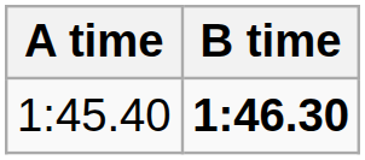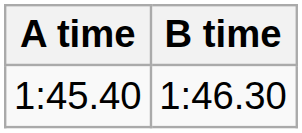 <table class="wikitable" border="1" align="upright">
 <tr>
 <th>A time</th>
 <th>B time</th>
 </tr>
 <tr>
 <td>1:45.40</td>
-<td><strong>1:46.30</strong></td>
+<td>1:46.30</td>
 </tr>
 </table>
